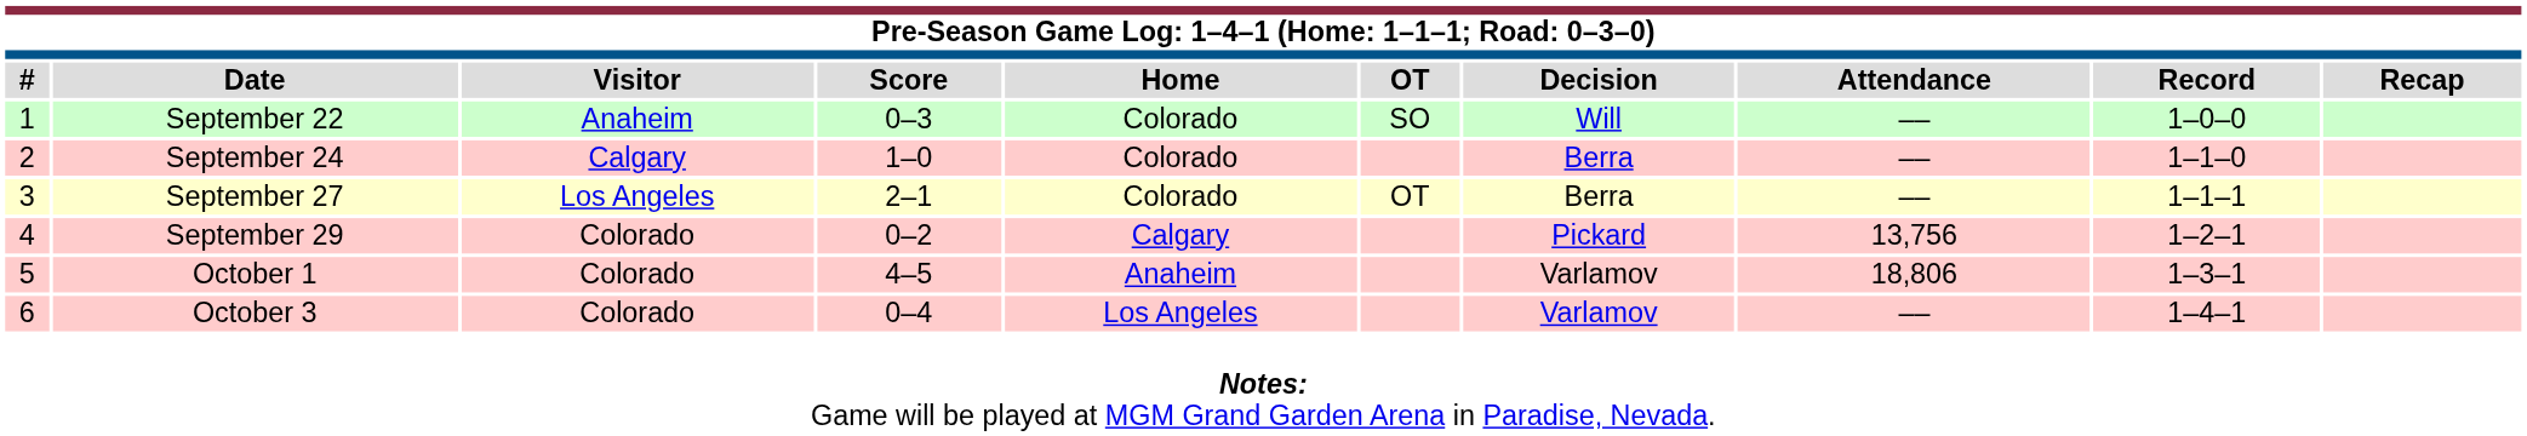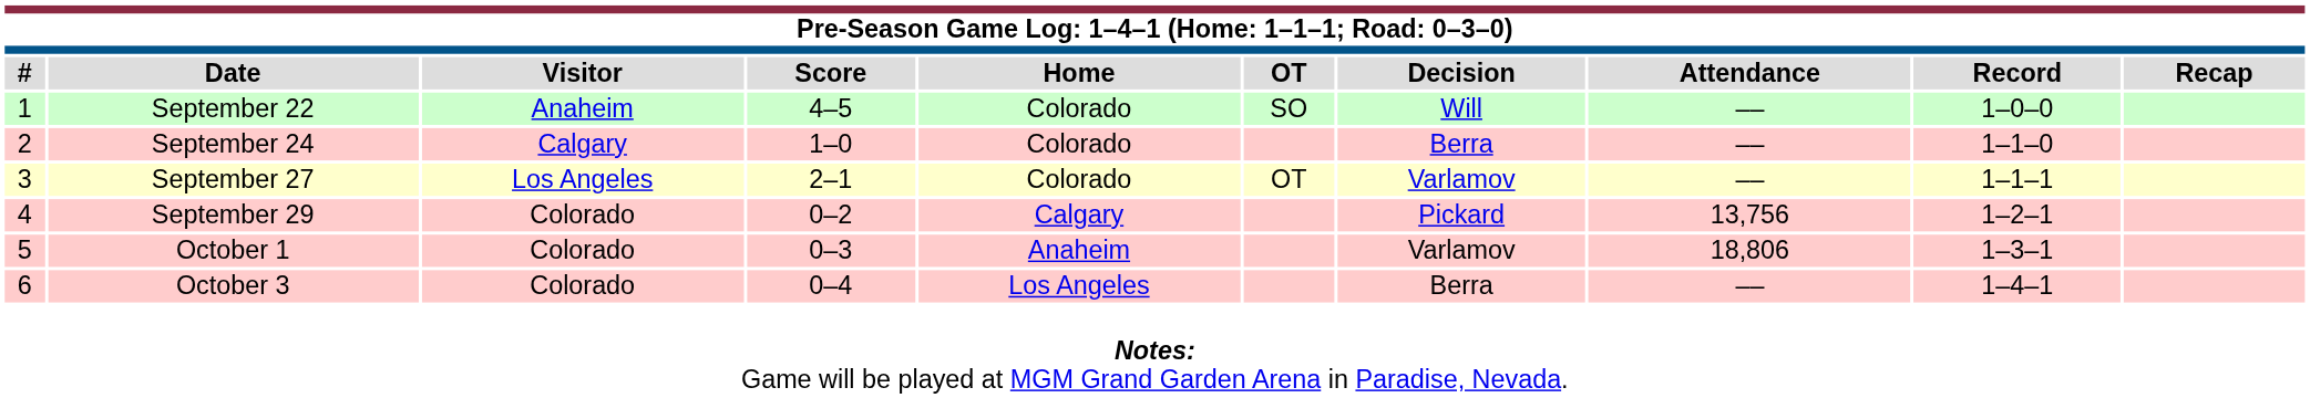 <table class="toccolours collapsible collapsed" style="width:90%; clear:both; margin:1.5em auto; text-align:center;">
 <tr>
 <th colspan=10 style="background:#fff; border-top:#8B2942 5px solid; border-bottom:#01548A 5px solid;">Pre-Season Game Log: 1–4–1 (Home: 1–1–1; Road: 0–3–0)</th>
 </tr>
 <tr style="background:#ddd;">
 <th>#</th>
 <th>Date</th>
 <th>Visitor</th>
 <th>Score</th>
 <th>Home</th>
 <th>OT</th>
 <th>Decision</th>
 <th>Attendance</th>
 <th>Record</th>
 <th>Recap</th>
 </tr>
 <tr style="background:#cfc;">
 <td>1</td>
 <td>September 22</td>
 <td><a href='#'>Anaheim</a></td>
-<td>0–3</td>
+<td>4–5</td>
 <td>Colorado</td>
 <td>SO</td>
 <td><a href='#'>Will</a></td>
 <td>––</td>
 <td>1–0–0</td>
 <td></td>
 </tr>
 <tr style="background:#fcc;">
 <td>2</td>
 <td>September 24</td>
 <td><a href='#'>Calgary</a></td>
 <td>1–0</td>
 <td>Colorado</td>
 <td></td>
 <td><a href='#'>Berra</a></td>
 <td>––</td>
 <td>1–1–0</td>
 <td></td>
 </tr>
 <tr style="background:#ffc;">
 <td>3</td>
 <td>September 27</td>
 <td><a href='#'>Los Angeles</a></td>
 <td>2–1</td>
 <td>Colorado</td>
 <td>OT</td>
-<td>Berra</td>
+<td><a href='#'>Varlamov</a></td>
 <td>––</td>
 <td>1–1–1</td>
 <td></td>
 </tr>
 <tr style="background:#fcc;">
 <td>4</td>
 <td>September 29</td>
 <td>Colorado</td>
 <td>0–2</td>
 <td><a href='#'>Calgary</a></td>
 <td></td>
 <td><a href='#'>Pickard</a></td>
 <td>13,756</td>
 <td>1–2–1</td>
 <td></td>
 </tr>
 <tr style="background:#fcc;">
 <td>5</td>
 <td>October 1</td>
 <td>Colorado</td>
-<td>4–5</td>
+<td>0–3</td>
 <td><a href='#'>Anaheim</a></td>
 <td></td>
 <td>Varlamov</td>
 <td>18,806</td>
 <td>1–3–1</td>
 <td></td>
 </tr>
 <tr style="background:#fcc;">
 <td>6</td>
 <td>October 3</td>
 <td>Colorado</td>
 <td>0–4</td>
 <td><a href='#'>Los Angeles</a></td>
 <td></td>
-<td><a href='#'>Varlamov</a></td>
+<td>Berra</td>
 <td>––</td>
 <td>1–4–1</td>
 <td></td>
 </tr>
 <tr>
 <td colspan="10" style="text-align:center;"><br><strong><em>Notes:</em></strong><br> Game will be played at <a href='#'>MGM Grand Garden Arena</a> in <a href='#'>Paradise, Nevada</a>.</td>
 </tr>
 </table>
